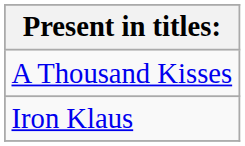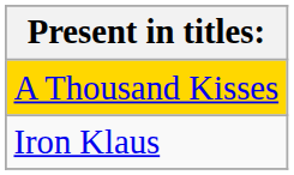 <table class="wikitable">
 <tr>
 <th>Present in titles:</th>
 </tr>
 <tr>
-<td><a href='#'>A Thousand Kisses</a></td>
+<td style="background: gold;"><a href='#'>A Thousand Kisses</a></td>
 </tr>
 <tr>
 <td><a href='#'>Iron Klaus</a></td>
 </tr>
 </table>
